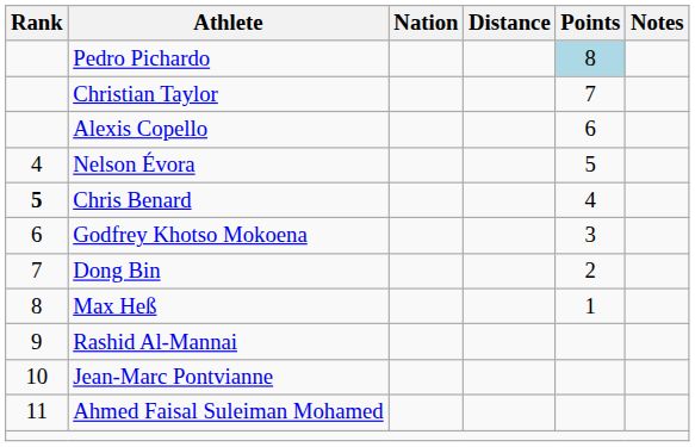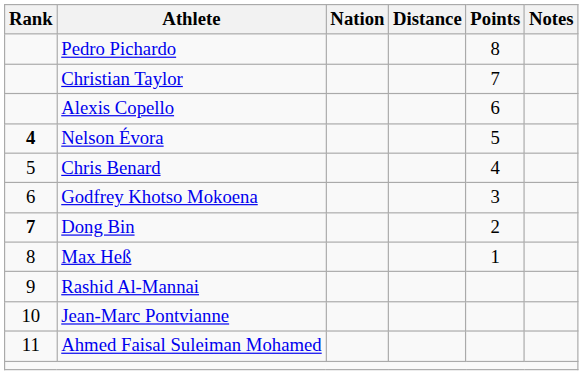 <table class="wikitable sortable" style="text-align:center;">
 <tr>
 <th scope="col" style="width: 10px;">Rank</th>
 <th scope="col">Athlete</th>
 <th scope="col">Nation</th>
 <th scope="col">Distance</th>
 <th scope="col">Points</th>
 <th scope="col">Notes</th>
 </tr>
 <tr>
 <td></td>
 <td align=left><a href='#'>Pedro Pichardo</a></td>
 <td align=left></td>
 <td> </td>
-<td style="background: lightblue;">8</td>
+<td>8</td>
 <td></td>
 </tr>
 <tr>
 <td></td>
 <td align=left><a href='#'>Christian Taylor</a></td>
 <td align=left></td>
 <td> </td>
 <td>7</td>
 <td></td>
 </tr>
 <tr>
 <td></td>
 <td align=left><a href='#'>Alexis Copello</a></td>
 <td align=left></td>
 <td> </td>
 <td>6</td>
 <td></td>
 </tr>
 <tr>
-<td>4</td>
+<td><strong>4</strong></td>
 <td align=left><a href='#'>Nelson Évora</a></td>
 <td align=left></td>
 <td> </td>
 <td>5</td>
 <td></td>
 </tr>
 <tr>
-<td><strong>5</strong></td>
+<td>5</td>
 <td align=left><a href='#'>Chris Benard</a></td>
 <td align=left></td>
 <td> </td>
 <td>4</td>
 <td></td>
 </tr>
 <tr>
 <td>6</td>
 <td align=left><a href='#'>Godfrey Khotso Mokoena</a></td>
 <td align=left></td>
 <td> </td>
 <td>3</td>
 <td></td>
 </tr>
 <tr>
-<td>7</td>
+<td><strong>7</strong></td>
 <td align=left><a href='#'>Dong Bin</a></td>
 <td align=left></td>
 <td> </td>
 <td>2</td>
 <td></td>
 </tr>
 <tr>
 <td>8</td>
 <td align=left><a href='#'>Max Heß</a></td>
 <td align=left></td>
 <td> </td>
 <td>1</td>
 <td></td>
 </tr>
 <tr>
 <td>9</td>
 <td align=left><a href='#'>Rashid Al-Mannai</a></td>
 <td align=left></td>
 <td> </td>
 <td></td>
 <td></td>
 </tr>
 <tr>
 <td>10</td>
 <td align=left><a href='#'>Jean-Marc Pontvianne</a></td>
 <td align=left></td>
 <td> </td>
 <td></td>
 <td></td>
 </tr>
 <tr>
 <td>11</td>
 <td align=left><a href='#'>Ahmed Faisal Suleiman Mohamed</a></td>
 <td align=left></td>
 <td> </td>
 <td></td>
 <td></td>
 </tr>
 <tr class="sortbottom">
 <td colspan=6></td>
 </tr>
 </table>
